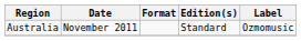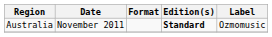 <table class="wikitable plainrowheaders">
 <tr>
 <th scope="col">Region</th>
 <th scope="col">Date</th>
 <th scope="col">Format</th>
 <th scope="col">Edition(s)</th>
 <th scope="col">Label</th>
 </tr>
 <tr>
 <td>Australia</td>
 <td>November 2011</td>
 <td></td>
-<td>Standard</td>
+<td><strong>Standard</strong></td>
 <td>Ozmomusic</td>
 </tr>
 <tr>
 </tr>
 </table>
